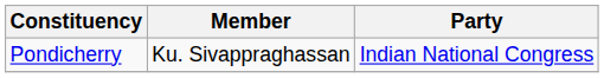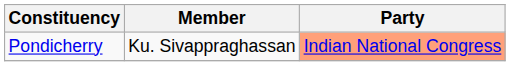 <table class="wikitable sortable">
 <tr>
 <th>Constituency</th>
 <th>Member</th>
 <th>Party</th>
 </tr>
 <tr>
 <td><a href='#'>Pondicherry</a></td>
 <td>Ku. Sivappraghassan</td>
-<td><a href='#'>Indian National Congress</a></td>
+<td style="background: lightsalmon;"><a href='#'>Indian National Congress</a></td>
 </tr>
 <tr>
 </tr>
 </table>
